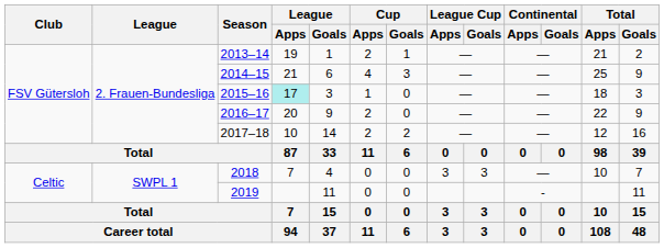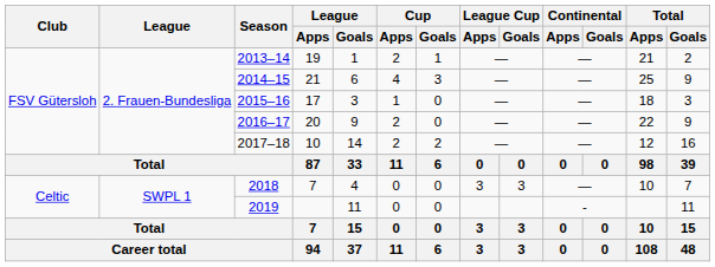 <table class="wikitable" style="text-align: center;">
 <tr>
 <th rowspan="2">Club</th>
 <th rowspan="2">League</th>
 <th rowspan="2">Season</th>
 <th colspan="2">League</th>
 <th colspan="2">Cup</th>
 <th colspan="2">League Cup</th>
 <th colspan="2">Continental</th>
 <th colspan="2">Total</th>
 </tr>
 <tr>
 <th>Apps</th>
 <th>Goals</th>
 <th>Apps</th>
 <th>Goals</th>
 <th>Apps</th>
 <th>Goals</th>
 <th>Apps</th>
 <th>Goals</th>
 <th>Apps</th>
 <th>Goals</th>
 </tr>
 <tr>
 <td rowspan="5"><a href='#'>FSV Gütersloh</a></td>
 <td rowspan="5"><a href='#'>2. Frauen-Bundesliga</a></td>
 <td><a href='#'>2013–14</a></td>
 <td>19</td>
 <td>1</td>
 <td>2</td>
 <td>1</td>
 <td colspan=2>—</td>
 <td colspan=2>—</td>
 <td>21</td>
 <td>2</td>
 </tr>
 <tr>
 <td><a href='#'>2014–15</a></td>
 <td>21</td>
 <td>6</td>
 <td>4</td>
 <td>3</td>
 <td colspan=2>—</td>
 <td colspan=2>—</td>
 <td>25</td>
 <td>9</td>
 </tr>
 <tr>
 <td><a href='#'>2015–16</a></td>
-<td style="background: paleturquoise;">17</td>
+<td>17</td>
 <td>3</td>
 <td>1</td>
 <td>0</td>
 <td colspan=2>—</td>
 <td colspan=2>—</td>
 <td>18</td>
 <td>3</td>
 </tr>
 <tr>
 <td><a href='#'>2016–17</a></td>
 <td>20</td>
 <td>9</td>
 <td>2</td>
 <td>0</td>
 <td colspan=2>—</td>
 <td colspan=2>—</td>
 <td>22</td>
 <td>9</td>
 </tr>
 <tr>
 <td>2017–18</td>
 <td>10</td>
 <td>14</td>
 <td>2</td>
 <td>2</td>
 <td colspan=2>—</td>
 <td colspan=2>—</td>
 <td>12</td>
 <td>16</td>
 </tr>
 <tr>
 <th colspan="3">Total</th>
 <th>87</th>
 <th>33</th>
 <th>11</th>
 <th>6</th>
 <th>0</th>
 <th>0</th>
 <th>0</th>
 <th>0</th>
 <th>98</th>
 <th>39</th>
 </tr>
 <tr>
 <td rowspan="2"><a href='#'>Celtic</a></td>
 <td rowspan="2"><a href='#'>SWPL 1</a></td>
 <td><a href='#'>2018</a></td>
 <td>7</td>
 <td>4</td>
 <td>0</td>
 <td>0</td>
 <td>3</td>
 <td>3</td>
 <td colspan="2">—</td>
 <td>10</td>
 <td>7</td>
 </tr>
 <tr>
 <td><a href='#'>2019</a></td>
 <td></td>
 <td>11</td>
 <td>0</td>
 <td>0</td>
 <td></td>
 <td></td>
 <td colspan="2">-</td>
 <td></td>
 <td>11</td>
 </tr>
 <tr>
 <th colspan="3">Total</th>
 <th>7</th>
 <th>15</th>
 <th>0</th>
 <th>0</th>
 <th>3</th>
 <th>3</th>
 <th>0</th>
 <th>0</th>
 <th>10</th>
 <th>15</th>
 </tr>
 <tr>
 <th colspan="3">Career total</th>
 <th>94</th>
 <th>37</th>
 <th>11</th>
 <th>6</th>
 <th>3</th>
 <th>3</th>
 <th>0</th>
 <th>0</th>
 <th>108</th>
 <th>48</th>
 </tr>
 </table>
